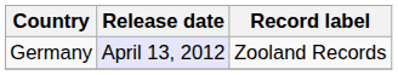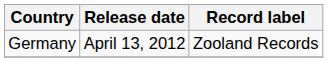 <table class="wikitable">
 <tr>
 <th>Country</th>
 <th>Release date</th>
 <th>Record label</th>
 </tr>
 <tr>
 <td>Germany</td>
-<td style="background: lavender;">April 13, 2012</td>
+<td>April 13, 2012</td>
 <td>Zooland Records</td>
 </tr>
 <tr>
 </tr>
 </table>
